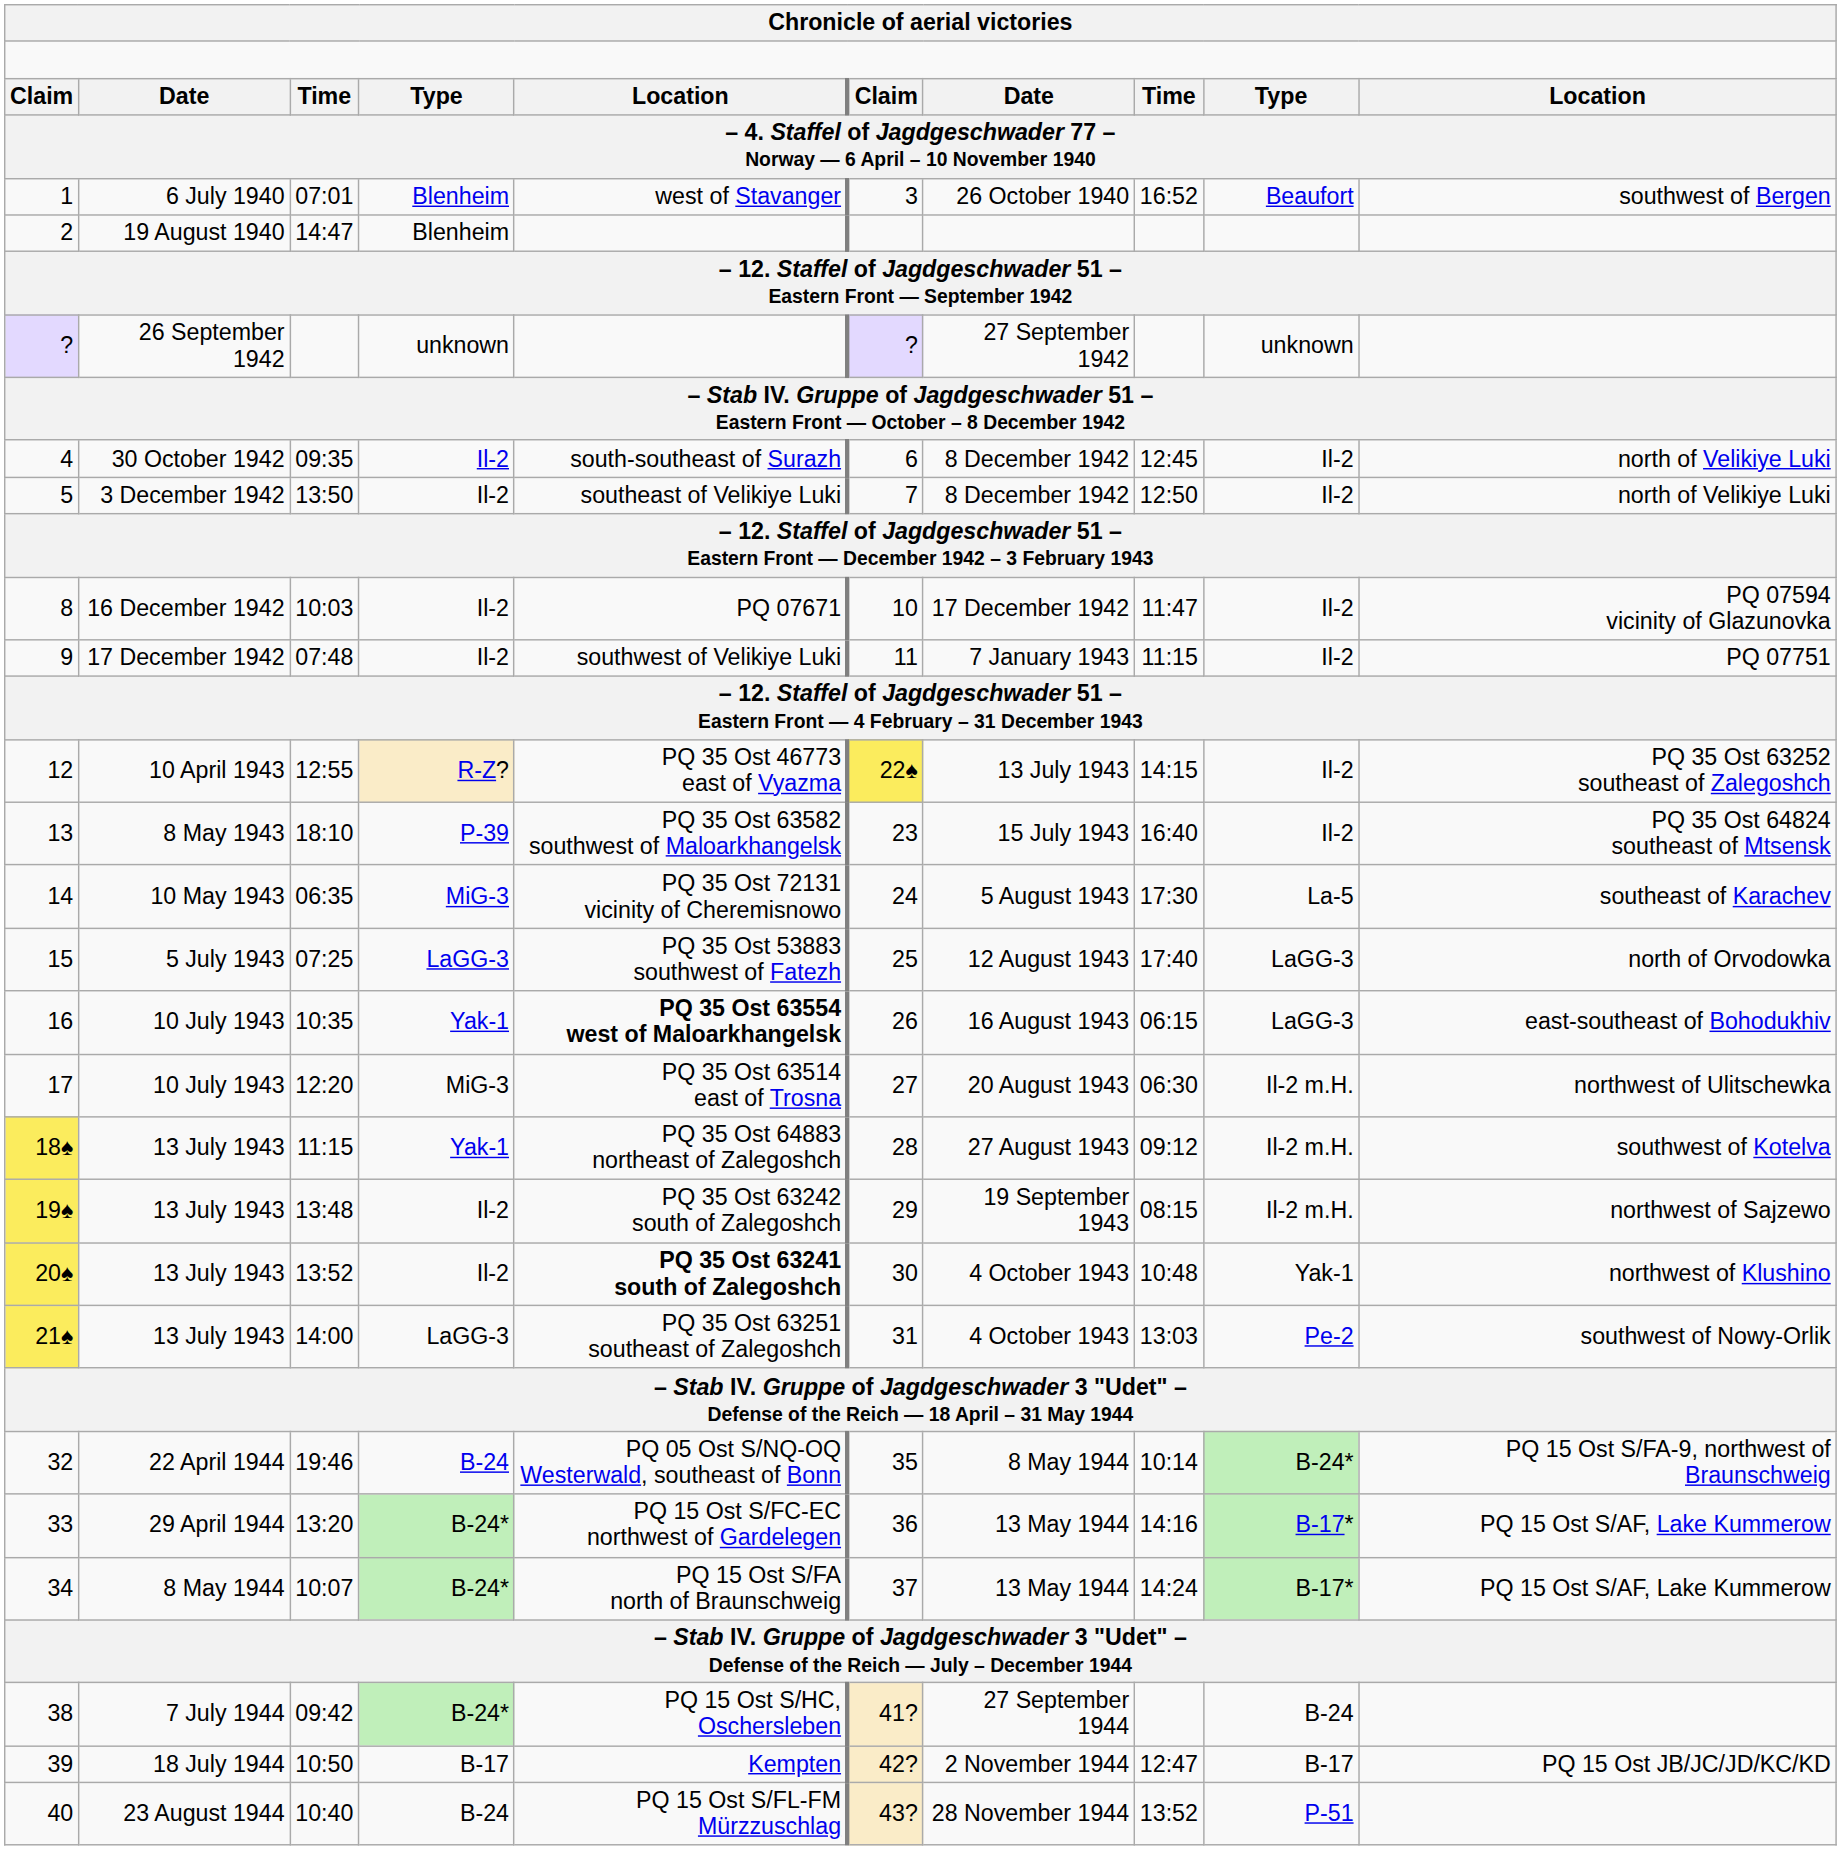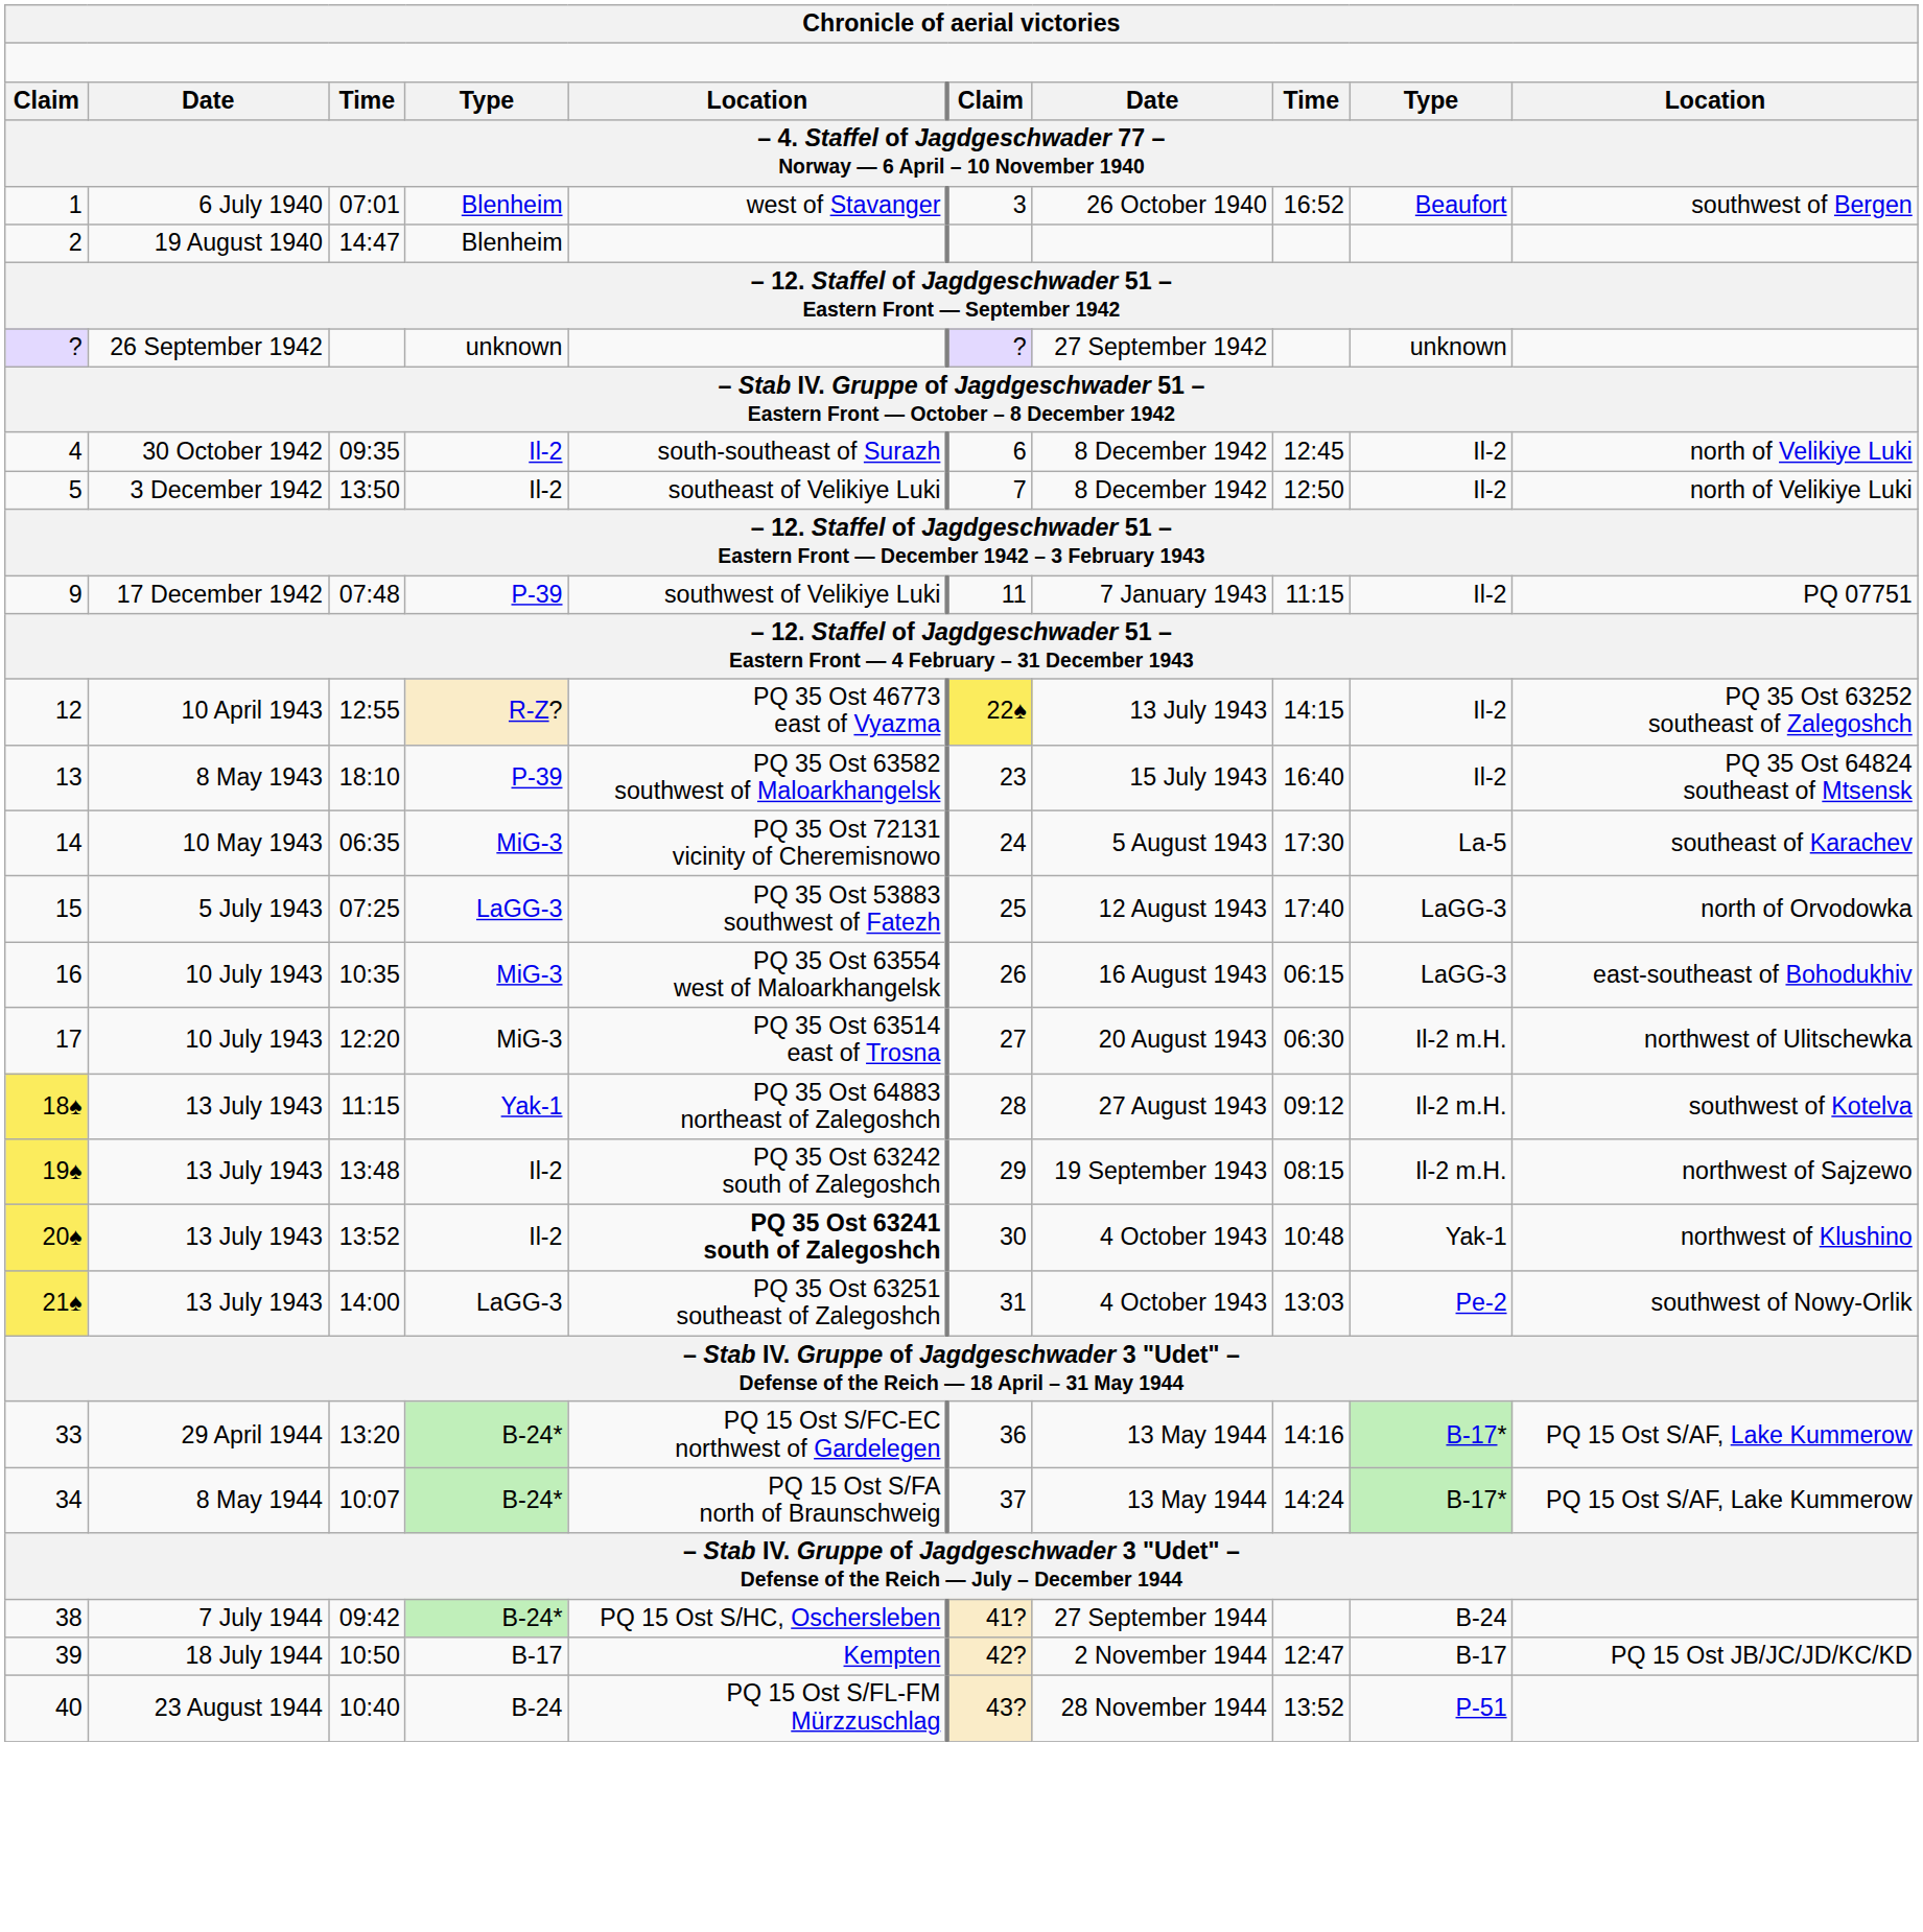 <table class="wikitable plainrowheaders collapsible" style="margin-left: auto; margin-right: auto; border: none; text-align:right; width: 100%;">
 <tr>
 <th colspan="10">Chronicle of aerial victories</th>
 </tr>
 <tr>
 <td colspan="10" style="text-align: left;"><br>   </td>
 </tr>
 <tr>
 <th scope="col">Claim</th>
 <th scope="col">Date</th>
 <th scope="col">Time</th>
 <th scope="col" width="100px">Type</th>
 <th scope="col">Location</th>
 <th scope="col" style="border-left: 3px solid grey;">Claim</th>
 <th scope="col">Date</th>
 <th scope="col">Time</th>
 <th scope="col" width="100px">Type</th>
 <th scope="col">Location</th>
 </tr>
 <tr>
 <th colspan="10">– 4. <em>Staffel</em> of <em>Jagdgeschwader</em> 77 –<br><small>Norway — 6 April – 10 November 1940</small></th>
 </tr>
 <tr>
 <td>1</td>
 <td>6 July 1940</td>
 <td>07:01</td>
 <td><a href='#'>Blenheim</a></td>
 <td>west of <a href='#'>Stavanger</a></td>
 <td style="border-left: 3px solid grey;">3</td>
 <td>26 October 1940</td>
 <td>16:52</td>
 <td><a href='#'>Beaufort</a></td>
 <td>southwest of <a href='#'>Bergen</a></td>
 </tr>
 <tr>
 <td>2</td>
 <td>19 August 1940</td>
 <td>14:47</td>
 <td>Blenheim</td>
 <td></td>
 <td style="border-left: 3px solid grey;"></td>
 <td></td>
 <td></td>
 <td></td>
 <td></td>
 </tr>
 <tr>
 <th colspan="10">– 12. <em>Staffel</em> of <em>Jagdgeschwader</em> 51 –<br><small>Eastern Front — September 1942</small></th>
 </tr>
 <tr>
 <td style="background:#e3d9ff;">?</td>
 <td>26 September 1942</td>
 <td></td>
 <td>unknown</td>
 <td></td>
 <td style="border-left: 3px solid grey; background:#e3d9ff;">?</td>
 <td>27 September 1942</td>
 <td></td>
 <td>unknown</td>
 <td></td>
 </tr>
 <tr>
 <th colspan="10">– <em>Stab</em> IV. <em>Gruppe</em> of <em>Jagdgeschwader</em> 51 –<br><small>Eastern Front — October – 8 December 1942</small></th>
 </tr>
 <tr>
 <td>4</td>
 <td>30 October 1942</td>
 <td>09:35</td>
 <td><a href='#'>Il-2</a></td>
 <td>south-southeast of <a href='#'>Surazh</a></td>
 <td style="border-left: 3px solid grey;">6</td>
 <td>8 December 1942</td>
 <td>12:45</td>
 <td>Il-2</td>
 <td> north of <a href='#'>Velikiye Luki</a></td>
 </tr>
 <tr>
 <td>5</td>
 <td>3 December 1942</td>
 <td>13:50</td>
 <td>Il-2</td>
 <td> southeast of Velikiye Luki</td>
 <td style="border-left: 3px solid grey;">7</td>
 <td>8 December 1942</td>
 <td>12:50</td>
 <td>Il-2</td>
 <td> north of Velikiye Luki</td>
 </tr>
 <tr>
 <th colspan="10">– 12. <em>Staffel</em> of <em>Jagdgeschwader</em> 51 –<br><small>Eastern Front — December 1942 – 3 February 1943</small></th>
 </tr>
 <tr>
-<td>8</td>
-<td>16 December 1942</td>
-<td>10:03</td>
-<td>Il-2</td>
-<td>PQ 07671</td>
-<td style="border-left: 3px solid grey;">10</td>
-<td>17 December 1942</td>
-<td>11:47</td>
-<td>Il-2</td>
-<td>PQ 07594<br>vicinity of Glazunovka</td>
-</tr>
-<tr>
 <td>9</td>
 <td>17 December 1942</td>
 <td>07:48</td>
-<td>Il-2</td>
+<td><a href='#'>P-39</a></td>
 <td> southwest of Velikiye Luki</td>
 <td style="border-left: 3px solid grey;">11</td>
 <td>7 January 1943</td>
 <td>11:15</td>
 <td>Il-2</td>
 <td>PQ 07751</td>
 </tr>
 <tr>
 <th colspan="10">– 12. <em>Staffel</em> of <em>Jagdgeschwader</em> 51 –<br><small>Eastern Front — 4 February – 31 December 1943</small></th>
 </tr>
 <tr>
 <td>12</td>
 <td>10 April 1943</td>
 <td>12:55</td>
 <td style="background:#faecc8"><a href='#'>R-Z</a>?</td>
 <td>PQ 35 Ost 46773<br> east of <a href='#'>Vyazma</a></td>
 <td style="border-left: 3px solid grey; background:#fbec5d;">22♠</td>
 <td>13 July 1943</td>
 <td>14:15</td>
 <td>Il-2</td>
 <td>PQ 35 Ost 63252<br> southeast of <a href='#'>Zalegoshch</a></td>
 </tr>
 <tr>
 <td>13</td>
 <td>8 May 1943</td>
 <td>18:10</td>
 <td><a href='#'>P-39</a></td>
 <td>PQ 35 Ost 63582<br> southwest of <a href='#'>Maloarkhangelsk</a></td>
 <td style="border-left: 3px solid grey;">23</td>
 <td>15 July 1943</td>
 <td>16:40</td>
 <td>Il-2</td>
 <td>PQ 35 Ost 64824<br> southeast of <a href='#'>Mtsensk</a></td>
 </tr>
 <tr>
 <td>14</td>
 <td>10 May 1943</td>
 <td>06:35</td>
 <td><a href='#'>MiG-3</a></td>
 <td>PQ 35 Ost 72131<br>vicinity of Cheremisnowo</td>
 <td style="border-left: 3px solid grey;">24</td>
 <td>5 August 1943</td>
 <td>17:30</td>
 <td>La-5</td>
 <td>southeast of <a href='#'>Karachev</a></td>
 </tr>
 <tr>
 <td>15</td>
 <td>5 July 1943</td>
 <td>07:25</td>
 <td><a href='#'>LaGG-3</a></td>
 <td>PQ 35 Ost 53883<br> southwest of <a href='#'>Fatezh</a></td>
 <td style="border-left: 3px solid grey;">25</td>
 <td>12 August 1943</td>
 <td>17:40</td>
 <td>LaGG-3</td>
 <td>north of Orvodowka</td>
 </tr>
 <tr>
 <td>16</td>
 <td>10 July 1943</td>
 <td>10:35</td>
-<td><a href='#'>Yak-1</a></td>
-<td><strong>PQ 35 Ost 63554<br> west of Maloarkhangelsk</strong></td>
+<td><a href='#'>MiG-3</a></td>
+<td>PQ 35 Ost 63554<br> west of Maloarkhangelsk</td>
 <td style="border-left: 3px solid grey;">26</td>
 <td>16 August 1943</td>
 <td>06:15</td>
 <td>LaGG-3</td>
 <td>east-southeast of <a href='#'>Bohodukhiv</a></td>
 </tr>
 <tr>
 <td>17</td>
 <td>10 July 1943</td>
 <td>12:20</td>
 <td>MiG-3</td>
 <td>PQ 35 Ost 63514<br> east of <a href='#'>Trosna</a></td>
 <td style="border-left: 3px solid grey;">27</td>
 <td>20 August 1943</td>
 <td>06:30</td>
 <td>Il-2 m.H.</td>
 <td>northwest of Ulitschewka</td>
 </tr>
 <tr>
 <td style="background:#fbec5d;">18♠</td>
 <td>13 July 1943</td>
 <td>11:15</td>
 <td><a href='#'>Yak-1</a></td>
 <td>PQ 35 Ost 64883<br> northeast of Zalegoshch</td>
 <td style="border-left: 3px solid grey;">28</td>
 <td>27 August 1943</td>
 <td>09:12</td>
 <td>Il-2 m.H.</td>
 <td>southwest of <a href='#'>Kotelva</a></td>
 </tr>
 <tr>
 <td style="background:#fbec5d;">19♠</td>
 <td>13 July 1943</td>
 <td>13:48</td>
 <td>Il-2</td>
 <td>PQ 35 Ost 63242<br> south of Zalegoshch</td>
 <td style="border-left: 3px solid grey;">29</td>
 <td>19 September 1943</td>
 <td>08:15</td>
 <td>Il-2 m.H.</td>
 <td>northwest of Sajzewo</td>
 </tr>
 <tr>
 <td style="background:#fbec5d;">20♠</td>
 <td>13 July 1943</td>
 <td>13:52</td>
 <td>Il-2</td>
 <td><strong>PQ 35 Ost 63241<br> south of Zalegoshch</strong></td>
 <td style="border-left: 3px solid grey;">30</td>
 <td>4 October 1943</td>
 <td>10:48</td>
 <td>Yak-1</td>
 <td>northwest of <a href='#'>Klushino</a></td>
 </tr>
 <tr>
 <td style="background:#fbec5d;">21♠</td>
 <td>13 July 1943</td>
 <td>14:00</td>
 <td>LaGG-3</td>
 <td>PQ 35 Ost 63251<br> southeast of Zalegoshch</td>
 <td style="border-left: 3px solid grey;">31</td>
 <td>4 October 1943</td>
 <td>13:03</td>
 <td><a href='#'>Pe-2</a></td>
 <td>southwest of Nowy-Orlik</td>
 </tr>
 <tr>
 <th colspan="10">– <em>Stab</em> IV. <em>Gruppe</em> of <em>Jagdgeschwader</em> 3 "Udet" –<br><small>Defense of the Reich — 18 April – 31 May 1944</small></th>
 </tr>
 <tr>
-<td>32</td>
-<td>22 April 1944</td>
-<td>19:46</td>
-<td><a href='#'>B-24</a></td>
-<td>PQ 05 Ost S/NQ-OQ<br><a href='#'>Westerwald</a>, southeast of <a href='#'>Bonn</a></td>
-<td style="border-left: 3px solid grey;">35</td>
-<td>8 May 1944</td>
-<td>10:14</td>
-<td style="background:#C0EFBA">B-24*</td>
-<td>PQ 15 Ost S/FA-9, northwest of <a href='#'>Braunschweig</a></td>
-</tr>
-<tr>
 <td>33</td>
 <td>29 April 1944</td>
 <td>13:20</td>
 <td style="background:#C0EFBA">B-24*</td>
 <td>PQ 15 Ost S/FC-EC<br>northwest of <a href='#'>Gardelegen</a></td>
 <td style="border-left: 3px solid grey;">36</td>
 <td>13 May 1944</td>
 <td>14:16</td>
 <td style="background:#C0EFBA"><a href='#'>B-17</a>*</td>
 <td>PQ 15 Ost S/AF, <a href='#'>Lake Kummerow</a></td>
 </tr>
 <tr>
 <td>34</td>
 <td>8 May 1944</td>
 <td>10:07</td>
 <td style="background:#C0EFBA">B-24*</td>
 <td>PQ 15 Ost S/FA<br>north of Braunschweig</td>
 <td style="border-left: 3px solid grey;">37</td>
 <td>13 May 1944</td>
 <td>14:24</td>
 <td style="background:#C0EFBA">B-17*</td>
 <td>PQ 15 Ost S/AF, Lake Kummerow</td>
 </tr>
 <tr>
 <th colspan="10">– <em>Stab</em> IV. <em>Gruppe</em> of <em>Jagdgeschwader</em> 3 "Udet" –<br><small>Defense of the Reich — July – December 1944</small></th>
 </tr>
 <tr>
 <td>38</td>
 <td>7 July 1944</td>
 <td>09:42</td>
 <td style="background:#C0EFBA">B-24*</td>
 <td>PQ 15 Ost S/HC, <a href='#'>Oschersleben</a></td>
 <td style="border-left: 3px solid grey; background:#faecc8">41?</td>
 <td>27 September 1944</td>
 <td></td>
 <td>B-24</td>
 <td></td>
 </tr>
 <tr>
 <td>39</td>
 <td>18 July 1944</td>
 <td>10:50</td>
 <td>B-17</td>
 <td><a href='#'>Kempten</a></td>
 <td style="border-left: 3px solid grey; background:#faecc8">42?</td>
 <td>2 November 1944</td>
 <td>12:47</td>
 <td>B-17</td>
 <td>PQ 15 Ost JB/JC/JD/KC/KD</td>
 </tr>
 <tr>
 <td>40</td>
 <td>23 August 1944</td>
 <td>10:40</td>
 <td>B-24</td>
 <td>PQ 15 Ost S/FL-FM<br><a href='#'>Mürzzuschlag</a></td>
 <td style="border-left: 3px solid grey; background:#faecc8">43?</td>
 <td>28 November 1944</td>
 <td>13:52</td>
 <td><a href='#'>P-51</a></td>
 <td></td>
 </tr>
 </table>
